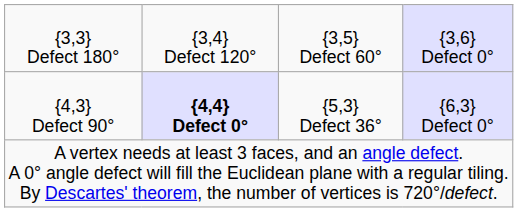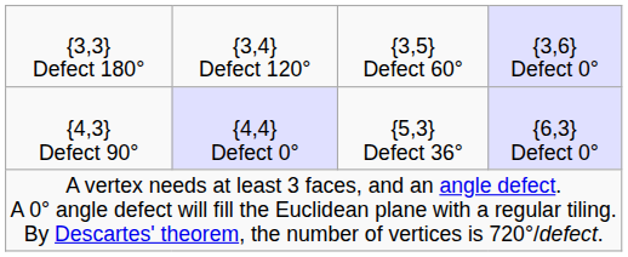 <table class="wikitable floatright" style="text-align:center">
 <tr style="vertical-align:bottom;">
 <td><br>{3,3}<br>Defect 180°</td>
 <td><br>{3,4}<br>Defect 120°</td>
 <td><br>{3,5}<br>Defect 60°</td>
 <td style="background-color:#e0e0ff;"><br>{3,6}<br>Defect 0°</td>
 </tr>
 <tr style="vertical-align:bottom;">
 <td><br>{4,3}<br>Defect 90°</td>
-<td style="background-color:#e0e0ff;"><strong><br>{4,4}<br>Defect 0°</strong></td>
+<td style="background-color:#e0e0ff;"><br>{4,4}<br>Defect 0°</td>
 <td><br>{5,3}<br>Defect 36°</td>
 <td style="background-color:#e0e0ff;"><br>{6,3}<br>Defect 0°</td>
 </tr>
 <tr>
 <td colspan=4>A vertex needs at least 3 faces, and an <a href='#'>angle defect</a>. <br>A 0° angle defect will fill the Euclidean plane with a regular tiling. <br>By <a href='#'>Descartes' theorem</a>, the number of vertices is 720°/<em>defect</em>.</td>
 </tr>
 </table>
